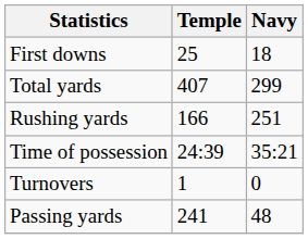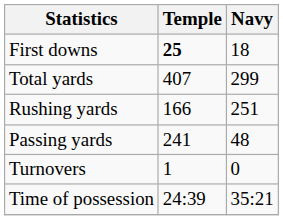 <table class="wikitable">
 <tr>
 <th>Statistics</th>
 <th>Temple</th>
 <th>Navy</th>
 </tr>
 <tr>
 <td>First downs</td>
-<td>25</td>
+<td><strong>25</strong></td>
 <td>18</td>
 </tr>
 <tr>
 <td>Total yards</td>
 <td>407</td>
 <td>299</td>
 </tr>
 <tr>
 <td>Rushing yards</td>
 <td>166</td>
 <td>251</td>
 </tr>
 <tr>
-<td>Time of possession</td>
-<td>24:39</td>
-<td>35:21</td>
+<td>Passing yards</td>
+<td>241</td>
+<td>48</td>
 </tr>
 <tr>
 <td>Turnovers</td>
 <td>1</td>
 <td>0</td>
 </tr>
 <tr>
-<td>Passing yards</td>
-<td>241</td>
-<td>48</td>
+<td>Time of possession</td>
+<td>24:39</td>
+<td>35:21</td>
 </tr>
 <tr>
 </tr>
 </table>
